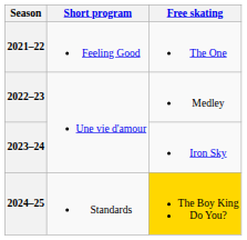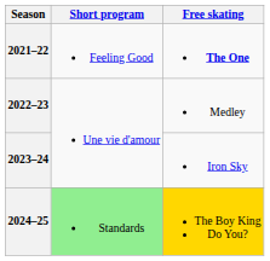 <table class="wikitable" style="text-align:center">
 <tr>
 <th>Season</th>
 <th><a href='#'>Short program</a></th>
 <th><a href='#'>Free skating</a></th>
 </tr>
 <tr>
 <th>2021–22<br></th>
 <td><br><ul><li><a href='#'>Feeling Good</a> <br></li></ul></td>
-<td><br><ul><li><a href='#'>The One</a> <br></li></ul></td>
+<td><strong><br><ul><li><a href='#'>The One</a> <br></li></ul></strong></td>
 </tr>
 <tr>
 <th>2022–23<br></th>
 <td rowspan="2"><br><ul><li><a href='#'>Une vie d'amour</a> <br></li></ul></td>
 <td><br><ul><li>Medley <br></li></ul></td>
 </tr>
 <tr>
 <th>2023–24<br></th>
 <td><br><ul><li><a href='#'>Iron Sky</a> <br></li></ul></td>
 </tr>
 <tr>
 <th>2024–25 <br> </th>
-<td><br><ul><li>Standards <br> </li></ul></td>
+<td style="background: lightgreen;"><br><ul><li>Standards <br> </li></ul></td>
 <td style="background: gold;"><br><ul><li>The Boy King <br></li><li>Do You? <br></li></ul></td>
 </tr>
 </table>
